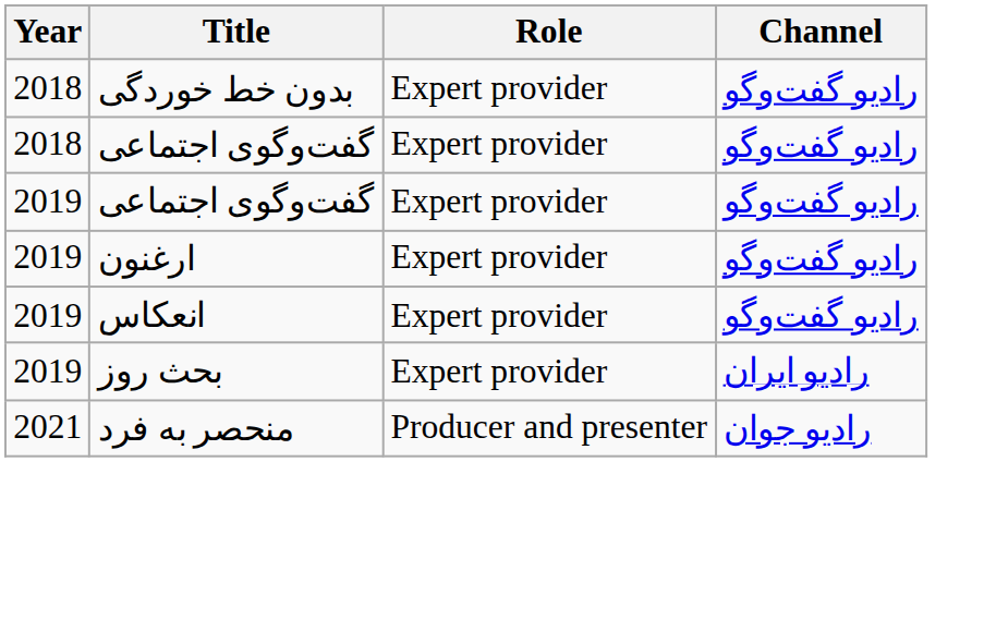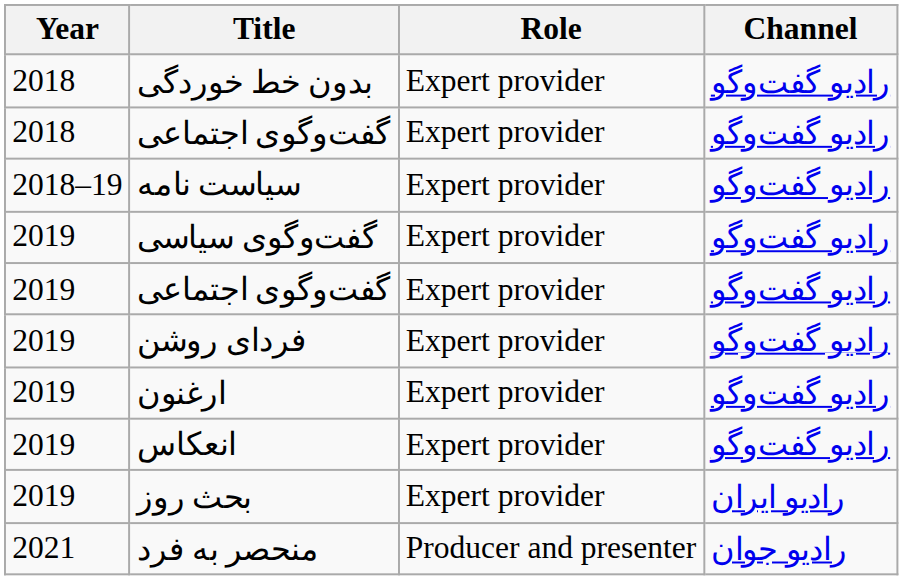 <table class="wikitable">
 <tr>
 <th>Year</th>
 <th>Title</th>
 <th>Role</th>
 <th>Channel</th>
 </tr>
 <tr>
 <td>2018</td>
 <td>بدون خط خوردگی</td>
 <td>Expert provider</td>
 <td><a href='#'>رادیو گفت‌وگو</a></td>
 </tr>
 <tr>
 <td>2018</td>
 <td>گفت‌وگوی اجتماعی</td>
 <td>Expert provider</td>
 <td><a href='#'>رادیو گفت‌وگو</a></td>
 </tr>
 <tr>
+<td>2018–19</td>
+<td> سیاست نامه</td>
+<td>Expert provider</td>
+<td><a href='#'>رادیو گفت‌وگو</a></td>
+</tr>
+<tr>
+<td>2019</td>
+<td>گفت‌وگوی سیاسی</td>
+<td>Expert provider</td>
+<td><a href='#'>رادیو گفت‌وگو</a></td>
+</tr>
+<tr>
 <td>2019</td>
 <td>گفت‌وگوی اجتماعی</td>
+<td>Expert provider</td>
+<td><a href='#'>رادیو گفت‌وگو</a></td>
+</tr>
+<tr>
+<td>2019</td>
+<td> فردای روشن</td>
 <td>Expert provider</td>
 <td><a href='#'>رادیو گفت‌وگو</a></td>
 </tr>
 <tr>
 <td>2019</td>
 <td> ارغنون</td>
 <td>Expert provider</td>
 <td><a href='#'>رادیو گفت‌وگو</a></td>
 </tr>
 <tr>
 <td>2019</td>
 <td>انعکاس</td>
 <td>Expert provider</td>
 <td><a href='#'>رادیو گفت‌وگو</a></td>
 </tr>
 <tr>
 <td>2019</td>
 <td> بحث روز</td>
 <td>Expert provider</td>
 <td><a href='#'>رادیو ایران</a></td>
 </tr>
 <tr>
 <td>2021</td>
 <td> منحصر به فرد</td>
 <td>Producer and presenter</td>
 <td><a href='#'>رادیو جوان</a></td>
 </tr>
 </table>
